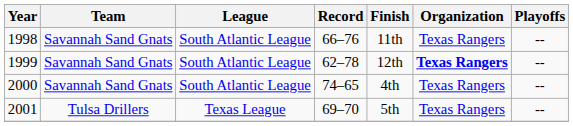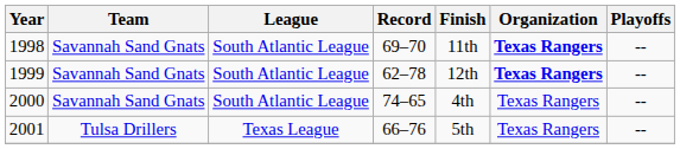 <table class="wikitable">
 <tr>
 <th>Year</th>
 <th>Team</th>
 <th>League</th>
 <th>Record</th>
 <th>Finish</th>
 <th>Organization</th>
 <th>Playoffs</th>
 </tr>
 <tr align=center>
 <td>1998</td>
 <td><a href='#'>Savannah Sand Gnats</a></td>
 <td><a href='#'>South Atlantic League</a></td>
-<td>66–76</td>
+<td>69–70</td>
 <td>11th</td>
-<td><a href='#'>Texas Rangers</a></td>
+<td><strong><a href='#'>Texas Rangers</a></strong></td>
 <td>--</td>
 </tr>
 <tr align=center>
 <td>1999</td>
 <td><a href='#'>Savannah Sand Gnats</a></td>
 <td><a href='#'>South Atlantic League</a></td>
 <td>62–78</td>
 <td>12th</td>
 <td><strong><a href='#'>Texas Rangers</a></strong></td>
 <td>--</td>
 </tr>
 <tr align=center>
 <td>2000</td>
 <td><a href='#'>Savannah Sand Gnats</a></td>
 <td><a href='#'>South Atlantic League</a></td>
 <td>74–65</td>
 <td>4th</td>
 <td><a href='#'>Texas Rangers</a></td>
 <td>--</td>
 </tr>
 <tr align=center>
 <td>2001</td>
 <td><a href='#'>Tulsa Drillers</a></td>
 <td><a href='#'>Texas League</a></td>
-<td>69–70</td>
+<td>66–76</td>
 <td>5th</td>
 <td><a href='#'>Texas Rangers</a></td>
 <td>--</td>
 </tr>
 <tr align=center>
 </tr>
 </table>
